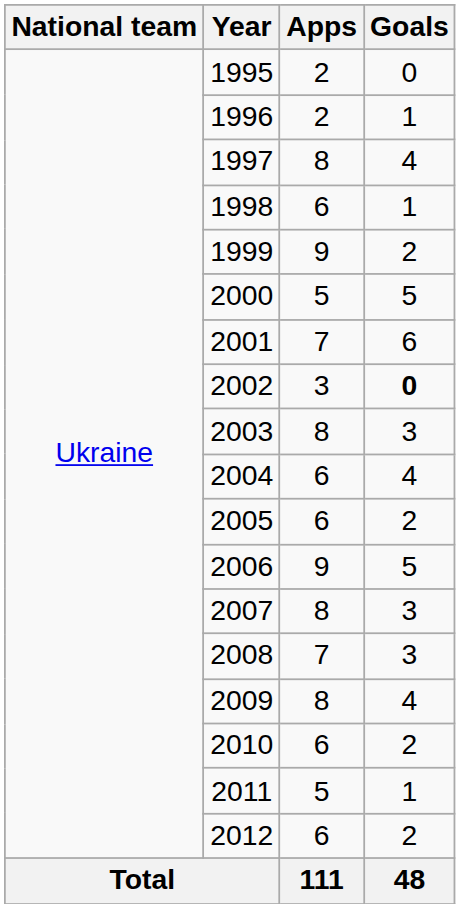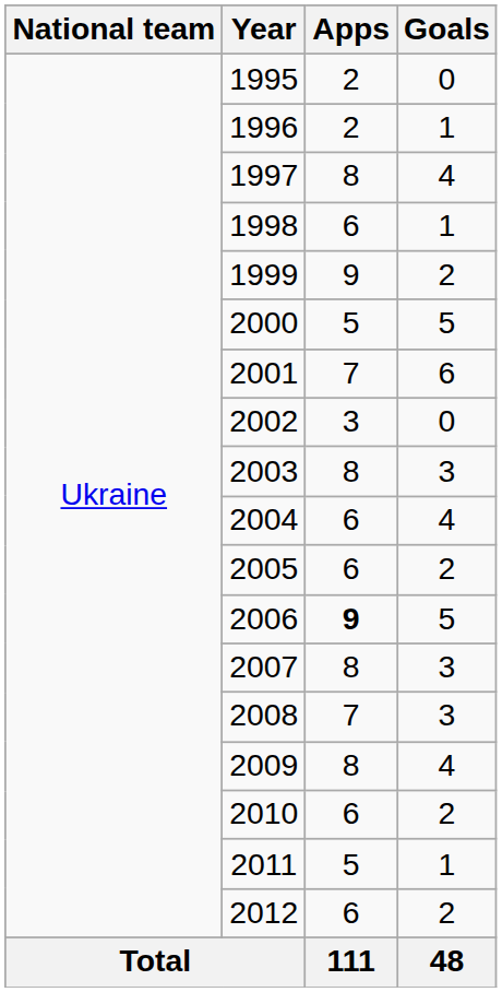 <table class=wikitable style=text-align:center>
 <tr>
 <th>National team</th>
 <th>Year</th>
 <th>Apps</th>
 <th>Goals</th>
 </tr>
 <tr>
 <td rowspan=18><a href='#'>Ukraine</a></td>
 <td>1995</td>
 <td>2</td>
 <td>0</td>
 </tr>
 <tr>
 <td>1996</td>
 <td>2</td>
 <td>1</td>
 </tr>
 <tr>
 <td>1997</td>
 <td>8</td>
 <td>4</td>
 </tr>
 <tr>
 <td>1998</td>
 <td>6</td>
 <td>1</td>
 </tr>
 <tr>
 <td>1999</td>
 <td>9</td>
 <td>2</td>
 </tr>
 <tr>
 <td>2000</td>
 <td>5</td>
 <td>5</td>
 </tr>
 <tr>
 <td>2001</td>
 <td>7</td>
 <td>6</td>
 </tr>
 <tr>
 <td>2002</td>
 <td>3</td>
-<td><strong>0</strong></td>
+<td>0</td>
 </tr>
 <tr>
 <td>2003</td>
 <td>8</td>
 <td>3</td>
 </tr>
 <tr>
 <td>2004</td>
 <td>6</td>
 <td>4</td>
 </tr>
 <tr>
 <td>2005</td>
 <td>6</td>
 <td>2</td>
 </tr>
 <tr>
 <td>2006</td>
-<td>9</td>
+<td><strong>9</strong></td>
 <td>5</td>
 </tr>
 <tr>
 <td>2007</td>
 <td>8</td>
 <td>3</td>
 </tr>
 <tr>
 <td>2008</td>
 <td>7</td>
 <td>3</td>
 </tr>
 <tr>
 <td>2009</td>
 <td>8</td>
 <td>4</td>
 </tr>
 <tr>
 <td>2010</td>
 <td>6</td>
 <td>2</td>
 </tr>
 <tr>
 <td>2011</td>
 <td>5</td>
 <td>1</td>
 </tr>
 <tr>
 <td>2012</td>
 <td>6</td>
 <td>2</td>
 </tr>
 <tr>
 <th colspan=2>Total</th>
 <th>111</th>
 <th>48</th>
 </tr>
 </table>
